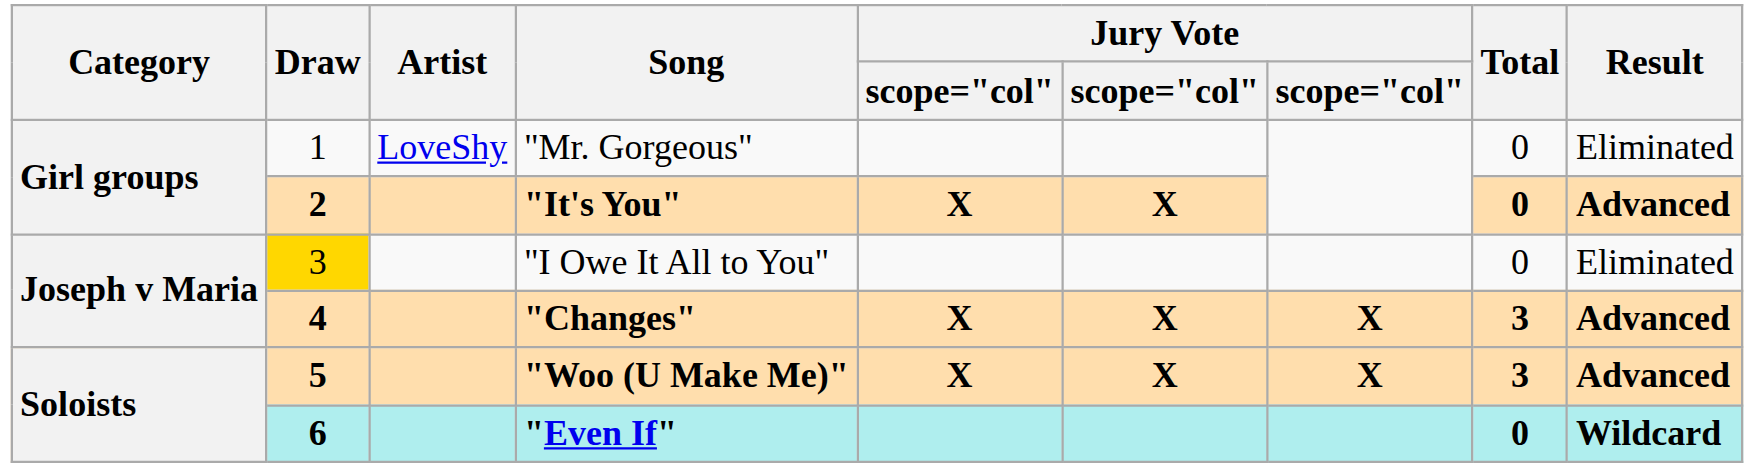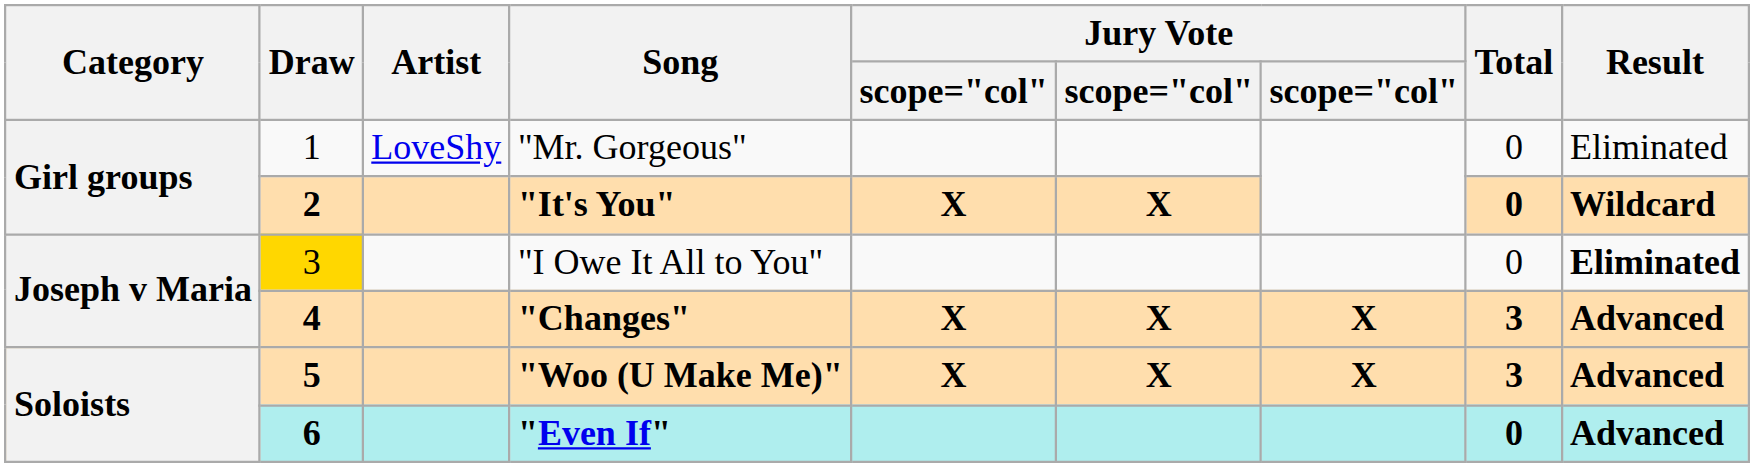 <table class="sortable wikitable plainrowheaders" style="margin: 1em auto 1em auto; text-align:center">
 <tr>
 <th rowspan="2">Category</th>
 <th rowspan="2">Draw</th>
 <th rowspan="2">Artist</th>
 <th rowspan="2">Song</th>
 <th colspan="3" class="unsortable">Jury Vote</th>
 <th rowspan="2">Total</th>
 <th rowspan="2">Result</th>
 </tr>
 <tr>
 <th>scope="col" </th>
 <th>scope="col" </th>
 <th>scope="col" </th>
 </tr>
 <tr>
 <th rowspan="2" scope="row" style="text-align:left">Girl groups</th>
 <td>1</td>
 <td align="left"><a href='#'>LoveShy</a></td>
 <td align="left">"Mr. Gorgeous"</td>
 <td></td>
 <td></td>
 <td rowspan="2"></td>
 <td>0</td>
 <td align="left">Eliminated</td>
 </tr>
 <tr style="font-weight:bold; background:navajowhite">
 <td>2</td>
 <td align="left"></td>
 <td align="left">"It's You"</td>
 <td>X</td>
 <td>X</td>
 <td>0</td>
-<td align="left">Advanced</td>
+<td align="left">Wildcard</td>
 </tr>
 <tr>
 <th rowspan="2" scope="row" style="text-align:left">Joseph v Maria</th>
 <td style="background: gold;">3</td>
 <td align="left"></td>
 <td align="left">"I Owe It All to You"</td>
 <td></td>
 <td></td>
 <td></td>
 <td>0</td>
-<td align="left">Eliminated</td>
+<td align="left"><strong>Eliminated</strong></td>
 </tr>
 <tr style="font-weight:bold; background:navajowhite">
 <td>4</td>
 <td align="left"></td>
 <td align="left">"Changes"</td>
 <td>X</td>
 <td>X</td>
 <td>X</td>
 <td>3</td>
 <td align="left">Advanced</td>
 </tr>
 <tr style="font-weight:bold; background:navajowhite">
 <th rowspan="2" scope="row" style="text-align:left">Soloists</th>
 <td>5</td>
 <td align="left"></td>
 <td align="left">"Woo (U Make Me)"</td>
 <td>X</td>
 <td>X</td>
 <td>X</td>
 <td>3</td>
 <td align="left">Advanced</td>
 </tr>
 <tr style="font-weight:bold; background:paleturquoise">
 <td>6</td>
 <td align="left"></td>
 <td align="left">"<a href='#'>Even If</a>"</td>
 <td></td>
 <td></td>
 <td></td>
 <td>0</td>
-<td align="left">Wildcard</td>
+<td align="left">Advanced</td>
 </tr>
 </table>
